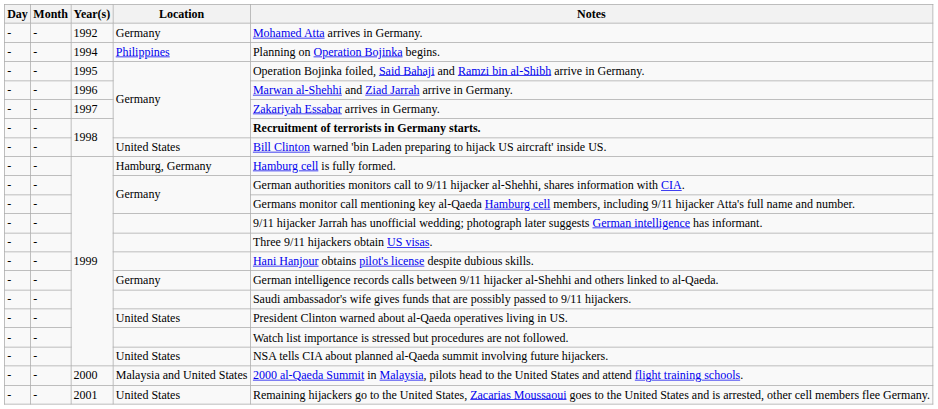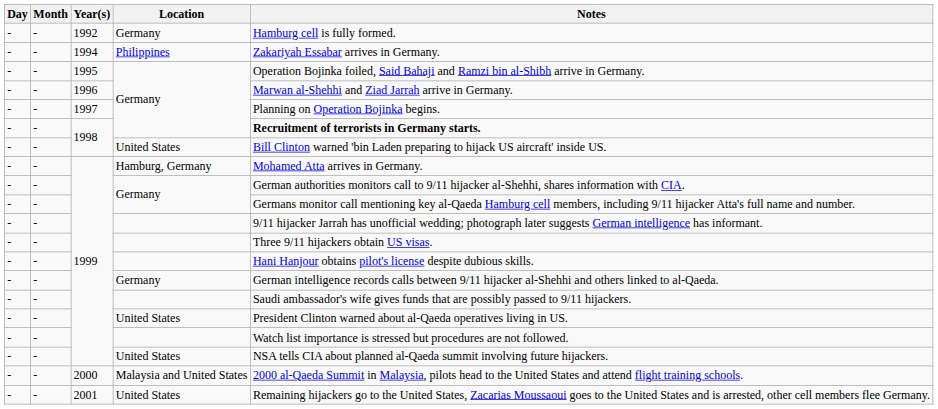 <table class="wikitable">
 <tr>
 <th>Day</th>
 <th>Month</th>
 <th>Year(s)</th>
 <th>Location</th>
 <th>Notes</th>
 </tr>
 <tr>
 <td>-</td>
 <td>-</td>
 <td>1992</td>
 <td>Germany</td>
-<td><a href='#'>Mohamed Atta</a> arrives in Germany.</td>
+<td><a href='#'>Hamburg cell</a> is fully formed.</td>
 </tr>
 <tr>
 <td>-</td>
 <td>-</td>
 <td>1994</td>
 <td><a href='#'>Philippines</a></td>
-<td>Planning on <a href='#'>Operation Bojinka</a> begins.</td>
+<td><a href='#'>Zakariyah Essabar</a> arrives in Germany.</td>
 </tr>
 <tr>
 <td>-</td>
 <td>-</td>
 <td>1995</td>
 <td rowspan="4">Germany</td>
 <td>Operation Bojinka foiled, <a href='#'>Said Bahaji</a> and <a href='#'>Ramzi bin al-Shibh</a> arrive in Germany.</td>
 </tr>
 <tr>
 <td>-</td>
 <td>-</td>
 <td>1996</td>
 <td><a href='#'>Marwan al-Shehhi</a> and <a href='#'>Ziad Jarrah</a> arrive in Germany.</td>
 </tr>
 <tr>
 <td>-</td>
 <td>-</td>
 <td>1997</td>
-<td><a href='#'>Zakariyah Essabar</a> arrives in Germany.</td>
+<td>Planning on <a href='#'>Operation Bojinka</a> begins.</td>
 </tr>
 <tr>
 <td>-</td>
 <td>-</td>
 <td rowspan="2">1998</td>
 <td><strong>Recruitment of terrorists in Germany starts.</strong></td>
 </tr>
 <tr>
 <td>-</td>
 <td>-</td>
 <td>United States</td>
 <td><a href='#'>Bill Clinton</a> warned 'bin Laden preparing to hijack US aircraft' inside US.</td>
 </tr>
 <tr>
 <td>-</td>
 <td>-</td>
 <td rowspan="11">1999</td>
 <td>Hamburg, Germany</td>
-<td><a href='#'>Hamburg cell</a> is fully formed.</td>
+<td><a href='#'>Mohamed Atta</a> arrives in Germany.</td>
 </tr>
 <tr>
 <td>-</td>
 <td>-</td>
 <td rowspan="2">Germany</td>
 <td>German authorities monitors call to 9/11 hijacker al-Shehhi, shares information with <a href='#'>CIA</a>.</td>
 </tr>
 <tr>
 <td>-</td>
 <td>-</td>
 <td>Germans monitor call mentioning key al-Qaeda <a href='#'>Hamburg cell</a> members, including 9/11 hijacker Atta's full name and number.</td>
 </tr>
 <tr>
 <td>-</td>
 <td>-</td>
 <td></td>
 <td>9/11 hijacker Jarrah has unofficial wedding; photograph later suggests <a href='#'>German intelligence</a> has informant.</td>
 </tr>
 <tr>
 <td>-</td>
 <td>-</td>
 <td></td>
 <td>Three 9/11 hijackers obtain <a href='#'>US visas</a>.</td>
 </tr>
 <tr>
 <td>-</td>
 <td>-</td>
 <td></td>
 <td><a href='#'>Hani Hanjour</a> obtains <a href='#'>pilot's license</a> despite dubious skills.</td>
 </tr>
 <tr>
 <td>-</td>
 <td>-</td>
 <td>Germany</td>
 <td>German intelligence records calls between 9/11 hijacker al-Shehhi and others linked to al-Qaeda.</td>
 </tr>
 <tr>
 <td>-</td>
 <td>-</td>
 <td></td>
 <td>Saudi ambassador's wife gives funds that are possibly passed to 9/11 hijackers.</td>
 </tr>
 <tr>
 <td>-</td>
 <td>-</td>
 <td>United States</td>
 <td>President Clinton warned about al-Qaeda operatives living in US.</td>
 </tr>
 <tr>
 <td>-</td>
 <td>-</td>
 <td></td>
 <td>Watch list importance is stressed but procedures are not followed.</td>
 </tr>
 <tr>
 <td>-</td>
 <td>-</td>
 <td>United States</td>
 <td>NSA tells CIA about planned al-Qaeda summit involving future hijackers.</td>
 </tr>
 <tr>
 <td>-</td>
 <td>-</td>
 <td>2000</td>
 <td>Malaysia and United States</td>
 <td><a href='#'>2000 al-Qaeda Summit</a> in <a href='#'>Malaysia</a>, pilots head to the United States and attend <a href='#'>flight training schools</a>.</td>
 </tr>
 <tr>
 <td>-</td>
 <td>-</td>
 <td>2001</td>
 <td>United States</td>
 <td>Remaining hijackers go to the United States, <a href='#'>Zacarias Moussaoui</a> goes to the United States and is arrested, other cell members flee Germany.</td>
 </tr>
 </table>
